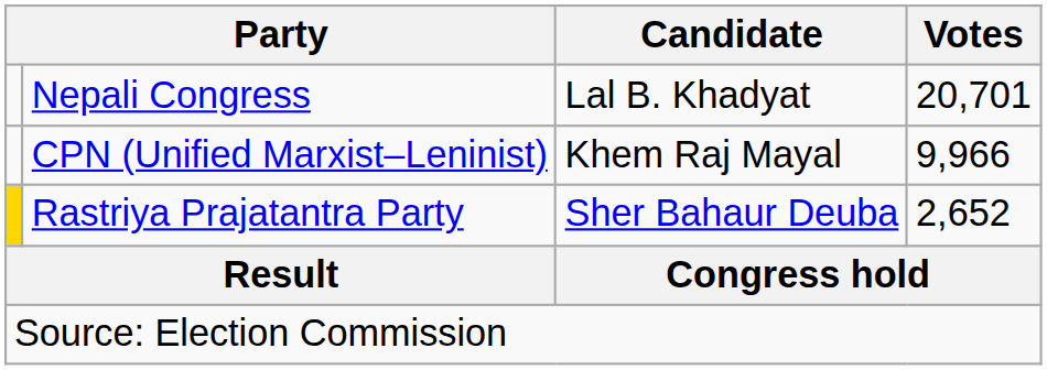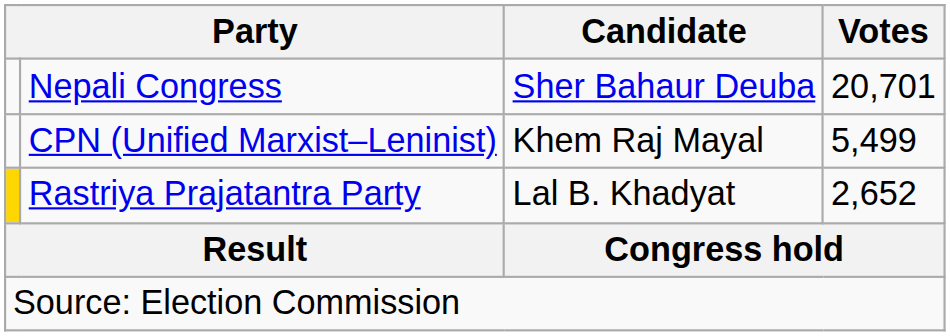 <table class="wikitable">
 <tr>
 <th colspan="2">Party</th>
 <th>Candidate</th>
 <th>Votes</th>
 </tr>
 <tr>
 <td style="background-color:"></td>
 <td><a href='#'>Nepali Congress</a></td>
-<td>Lal B. Khadyat</td>
+<td><a href='#'>Sher Bahaur Deuba</a></td>
 <td>20,701</td>
 </tr>
 <tr>
 <td style="background-color:"></td>
 <td><a href='#'>CPN (Unified Marxist–Leninist)</a></td>
 <td>Khem Raj Mayal</td>
-<td>9,966</td>
+<td>5,499</td>
 </tr>
 <tr>
 <td style="background-color:gold"></td>
 <td><a href='#'>Rastriya Prajatantra Party</a></td>
-<td><a href='#'>Sher Bahaur Deuba</a></td>
+<td>Lal B. Khadyat</td>
 <td>2,652</td>
 </tr>
 <tr>
 <th colspan="2">Result</th>
 <th colspan="2">Congress hold</th>
 </tr>
 <tr>
 <td colspan="4">Source: Election Commission</td>
 </tr>
 </table>
